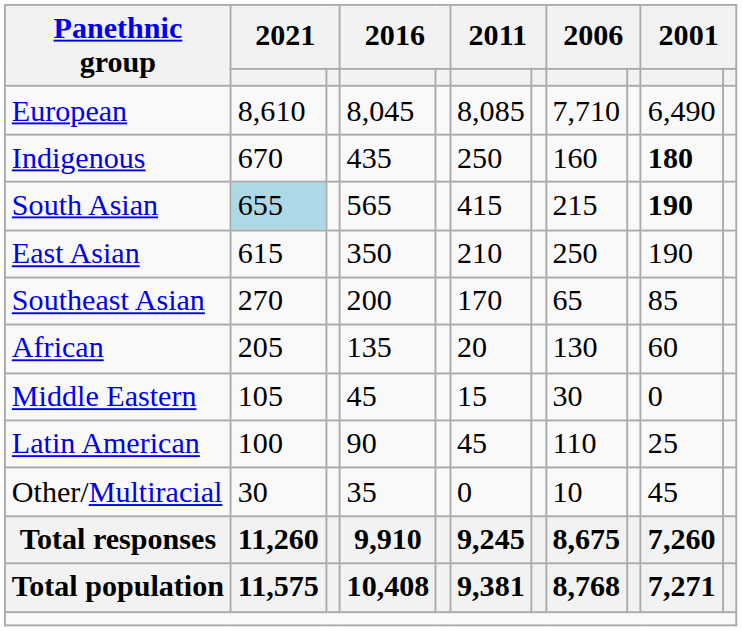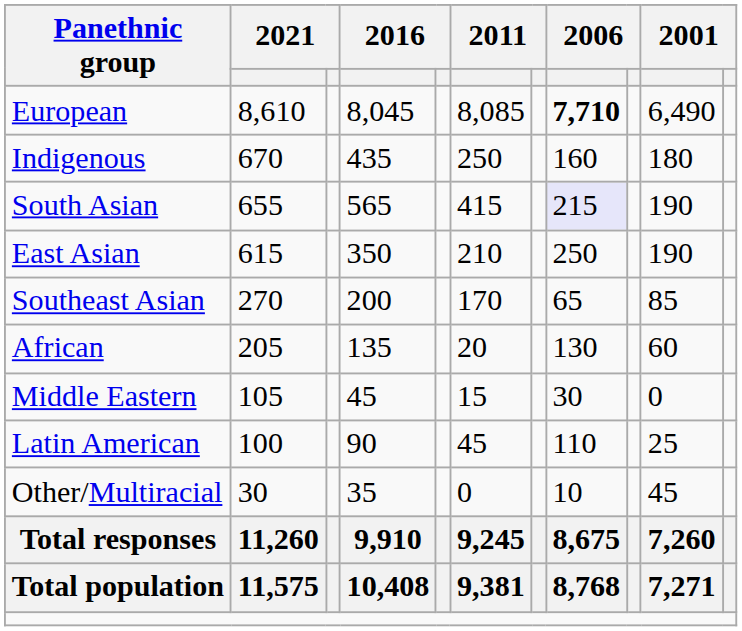 <table class="wikitable collapsible sortable">
 <tr>
 <th rowspan="2"><a href='#'>Panethnic</a><br>group</th>
 <th colspan="2">2021</th>
 <th colspan="2">2016</th>
 <th colspan="2">2011</th>
 <th colspan="2">2006</th>
 <th colspan="2">2001</th>
 </tr>
 <tr>
 <th><a href='#'></a></th>
 <th></th>
 <th></th>
 <th></th>
 <th></th>
 <th></th>
 <th></th>
 <th></th>
 <th></th>
 <th></th>
 </tr>
 <tr>
 <td><a href='#'>European</a></td>
 <td>8,610</td>
 <td></td>
 <td>8,045</td>
 <td></td>
 <td>8,085</td>
 <td></td>
-<td>7,710</td>
+<td><strong>7,710</strong></td>
 <td></td>
 <td>6,490</td>
 <td></td>
 </tr>
 <tr>
 <td><a href='#'>Indigenous</a></td>
 <td>670</td>
 <td></td>
 <td>435</td>
 <td></td>
 <td>250</td>
 <td></td>
 <td>160</td>
 <td></td>
-<td><strong>180</strong></td>
+<td>180</td>
 <td></td>
 </tr>
 <tr>
 <td><a href='#'>South Asian</a></td>
-<td style="background: lightblue;">655</td>
+<td>655</td>
 <td></td>
 <td>565</td>
 <td></td>
 <td>415</td>
 <td></td>
-<td>215</td>
+<td style="background: lavender;">215</td>
 <td></td>
-<td><strong>190</strong></td>
+<td>190</td>
 <td></td>
 </tr>
 <tr>
 <td><a href='#'>East Asian</a></td>
 <td>615</td>
 <td></td>
 <td>350</td>
 <td></td>
 <td>210</td>
 <td></td>
 <td>250</td>
 <td></td>
 <td>190</td>
 <td></td>
 </tr>
 <tr>
 <td><a href='#'>Southeast Asian</a></td>
 <td>270</td>
 <td></td>
 <td>200</td>
 <td></td>
 <td>170</td>
 <td></td>
 <td>65</td>
 <td></td>
 <td>85</td>
 <td></td>
 </tr>
 <tr>
 <td><a href='#'>African</a></td>
 <td>205</td>
 <td></td>
 <td>135</td>
 <td></td>
 <td>20</td>
 <td></td>
 <td>130</td>
 <td></td>
 <td>60</td>
 <td></td>
 </tr>
 <tr>
 <td><a href='#'>Middle Eastern</a></td>
 <td>105</td>
 <td></td>
 <td>45</td>
 <td></td>
 <td>15</td>
 <td></td>
 <td>30</td>
 <td></td>
 <td>0</td>
 <td></td>
 </tr>
 <tr>
 <td><a href='#'>Latin American</a></td>
 <td>100</td>
 <td></td>
 <td>90</td>
 <td></td>
 <td>45</td>
 <td></td>
 <td>110</td>
 <td></td>
 <td>25</td>
 <td></td>
 </tr>
 <tr>
 <td>Other/<a href='#'>Multiracial</a></td>
 <td>30</td>
 <td></td>
 <td>35</td>
 <td></td>
 <td>0</td>
 <td></td>
 <td>10</td>
 <td></td>
 <td>45</td>
 <td></td>
 </tr>
 <tr>
 <th>Total responses</th>
 <th>11,260</th>
 <th></th>
 <th>9,910</th>
 <th></th>
 <th>9,245</th>
 <th></th>
 <th>8,675</th>
 <th></th>
 <th>7,260</th>
 <th></th>
 </tr>
 <tr>
 <th>Total population</th>
 <th>11,575</th>
 <th></th>
 <th>10,408</th>
 <th></th>
 <th>9,381</th>
 <th></th>
 <th>8,768</th>
 <th></th>
 <th>7,271</th>
 <th></th>
 </tr>
 <tr class="sortbottom">
 <td colspan="15"></td>
 </tr>
 </table>
